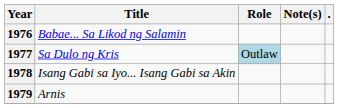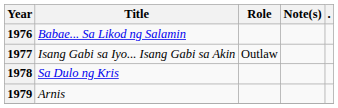 <table class="wikitable plainrowheaders sortable">
 <tr>
 <th scope="col">Year</th>
 <th scope="col">Title</th>
 <th scope="col" class="unsortable">Role</th>
 <th scope="col" class="unsortable">Note(s)</th>
 <th scope="col" class="unsortable">.</th>
 </tr>
 <tr>
 <th scope="row">1976</th>
 <td><em><a href='#'>Babae... Sa Likod ng Salamin</a></em></td>
 <td></td>
 <td></td>
 <td style="text-align:center;"></td>
 </tr>
 <tr>
 <th scope="row">1977</th>
-<td><em><a href='#'>Sa Dulo ng Kris</a></em></td>
-<td style="background: lightblue;">Outlaw</td>
+<td><em>Isang Gabi sa Iyo... Isang Gabi sa Akin</em></td>
+<td>Outlaw</td>
 <td></td>
 <td style="text-align:center;"></td>
 </tr>
 <tr>
 <th scope="row">1978</th>
-<td><em>Isang Gabi sa Iyo... Isang Gabi sa Akin</em></td>
+<td><em><a href='#'>Sa Dulo ng Kris</a></em></td>
 <td></td>
 <td></td>
 <td style="text-align:center;"></td>
 </tr>
 <tr>
 <th scope="row">1979</th>
 <td><em>Arnis</em></td>
 <td></td>
 <td></td>
 <td style="text-align:center;"></td>
 </tr>
 <tr>
 </tr>
 </table>
